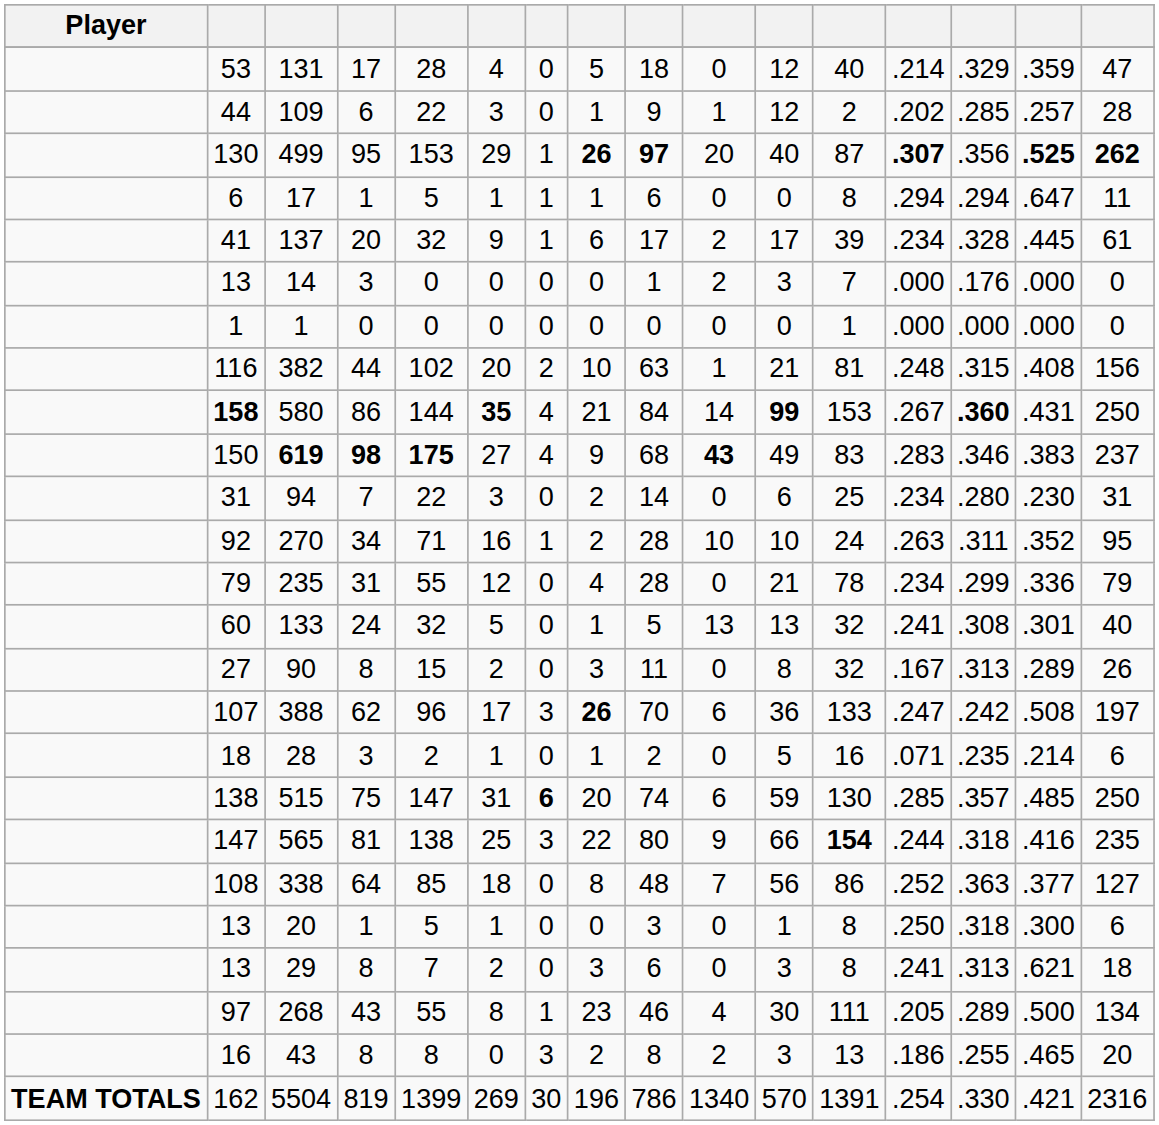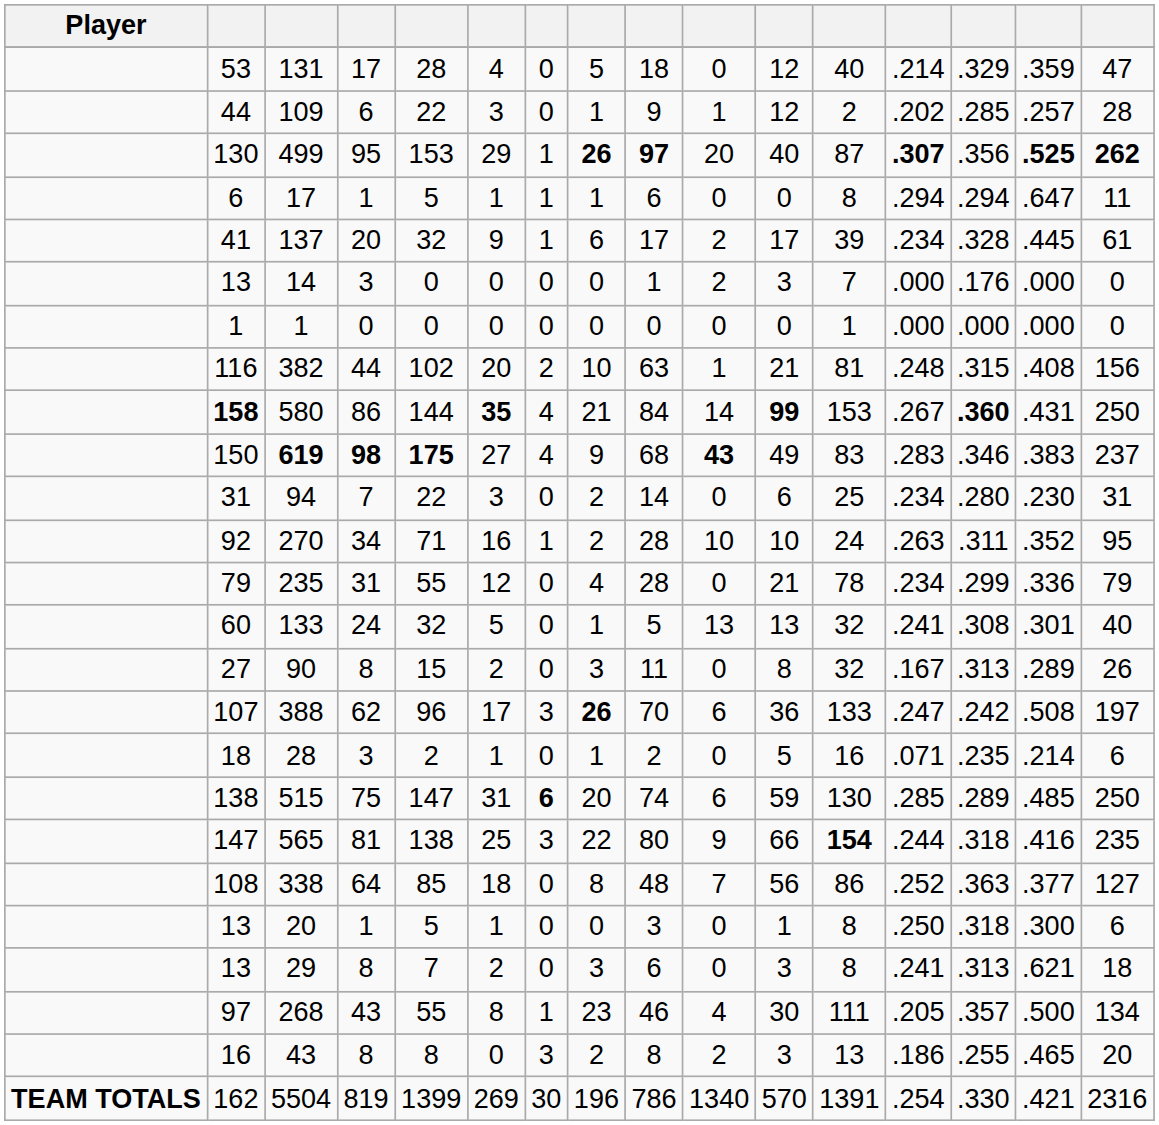 <table class="wikitable sortable" style="text-align:center;">
 <tr>
 <th>Player</th>
 <th></th>
 <th></th>
 <th></th>
 <th></th>
 <th></th>
 <th></th>
 <th></th>
 <th></th>
 <th></th>
 <th></th>
 <th></th>
 <th></th>
 <th></th>
 <th></th>
 <th></th>
 </tr>
 <tr>
 </tr>
 <tr>
 <td align=left></td>
 <td>53</td>
 <td>131</td>
 <td>17</td>
 <td>28</td>
 <td>4</td>
 <td>0</td>
 <td>5</td>
 <td>18</td>
 <td>0</td>
 <td>12</td>
 <td>40</td>
 <td>.214</td>
 <td>.329</td>
 <td>.359</td>
 <td>47</td>
 </tr>
 <tr>
 <td align=left></td>
 <td>44</td>
 <td>109</td>
 <td>6</td>
 <td>22</td>
 <td>3</td>
 <td>0</td>
 <td>1</td>
 <td>9</td>
 <td>1</td>
 <td>12</td>
 <td>2</td>
 <td>.202</td>
 <td>.285</td>
 <td>.257</td>
 <td>28</td>
 </tr>
 <tr>
 <td align=left></td>
 <td>130</td>
 <td>499</td>
 <td>95</td>
 <td>153</td>
 <td>29</td>
 <td>1</td>
 <td><strong>26</strong></td>
 <td><strong>97</strong></td>
 <td>20</td>
 <td>40</td>
 <td>87</td>
 <td><strong>.307</strong></td>
 <td>.356</td>
 <td><strong>.525</strong></td>
 <td><strong>262</strong></td>
 </tr>
 <tr>
 <td align=left></td>
 <td>6</td>
 <td>17</td>
 <td>1</td>
 <td>5</td>
 <td>1</td>
 <td>1</td>
 <td>1</td>
 <td>6</td>
 <td>0</td>
 <td>0</td>
 <td>8</td>
 <td>.294</td>
 <td>.294</td>
 <td>.647</td>
 <td>11</td>
 </tr>
 <tr>
 <td align=left></td>
 <td>41</td>
 <td>137</td>
 <td>20</td>
 <td>32</td>
 <td>9</td>
 <td>1</td>
 <td>6</td>
 <td>17</td>
 <td>2</td>
 <td>17</td>
 <td>39</td>
 <td>.234</td>
 <td>.328</td>
 <td>.445</td>
 <td>61</td>
 </tr>
 <tr>
 <td align=left></td>
 <td>13</td>
 <td>14</td>
 <td>3</td>
 <td>0</td>
 <td>0</td>
 <td>0</td>
 <td>0</td>
 <td>1</td>
 <td>2</td>
 <td>3</td>
 <td>7</td>
 <td>.000</td>
 <td>.176</td>
 <td>.000</td>
 <td>0</td>
 </tr>
 <tr>
 <td align=left></td>
 <td>1</td>
 <td>1</td>
 <td>0</td>
 <td>0</td>
 <td>0</td>
 <td>0</td>
 <td>0</td>
 <td>0</td>
 <td>0</td>
 <td>0</td>
 <td>1</td>
 <td>.000</td>
 <td>.000</td>
 <td>.000</td>
 <td>0</td>
 </tr>
 <tr>
 <td align=left></td>
 <td>116</td>
 <td>382</td>
 <td>44</td>
 <td>102</td>
 <td>20</td>
 <td>2</td>
 <td>10</td>
 <td>63</td>
 <td>1</td>
 <td>21</td>
 <td>81</td>
 <td>.248</td>
 <td>.315</td>
 <td>.408</td>
 <td>156</td>
 </tr>
 <tr>
 <td align=left></td>
 <td><strong>158</strong></td>
 <td>580</td>
 <td>86</td>
 <td>144</td>
 <td><strong>35</strong></td>
 <td>4</td>
 <td>21</td>
 <td>84</td>
 <td>14</td>
 <td><strong>99</strong></td>
 <td>153</td>
 <td>.267</td>
 <td><strong>.360</strong></td>
 <td>.431</td>
 <td>250</td>
 </tr>
 <tr>
 <td align=left></td>
 <td>150</td>
 <td><strong>619</strong></td>
 <td><strong>98</strong></td>
 <td><strong>175</strong></td>
 <td>27</td>
 <td>4</td>
 <td>9</td>
 <td>68</td>
 <td><strong>43</strong></td>
 <td>49</td>
 <td>83</td>
 <td>.283</td>
 <td>.346</td>
 <td>.383</td>
 <td>237</td>
 </tr>
 <tr>
 <td align=left></td>
 <td>31</td>
 <td>94</td>
 <td>7</td>
 <td>22</td>
 <td>3</td>
 <td>0</td>
 <td>2</td>
 <td>14</td>
 <td>0</td>
 <td>6</td>
 <td>25</td>
 <td>.234</td>
 <td>.280</td>
 <td>.230</td>
 <td>31</td>
 </tr>
 <tr>
 <td align=left></td>
 <td>92</td>
 <td>270</td>
 <td>34</td>
 <td>71</td>
 <td>16</td>
 <td>1</td>
 <td>2</td>
 <td>28</td>
 <td>10</td>
 <td>10</td>
 <td>24</td>
 <td>.263</td>
 <td>.311</td>
 <td>.352</td>
 <td>95</td>
 </tr>
 <tr>
 <td align=left></td>
 <td>79</td>
 <td>235</td>
 <td>31</td>
 <td>55</td>
 <td>12</td>
 <td>0</td>
 <td>4</td>
 <td>28</td>
 <td>0</td>
 <td>21</td>
 <td>78</td>
 <td>.234</td>
 <td>.299</td>
 <td>.336</td>
 <td>79</td>
 </tr>
 <tr>
 <td align=left></td>
 <td>60</td>
 <td>133</td>
 <td>24</td>
 <td>32</td>
 <td>5</td>
 <td>0</td>
 <td>1</td>
 <td>5</td>
 <td>13</td>
 <td>13</td>
 <td>32</td>
 <td>.241</td>
 <td>.308</td>
 <td>.301</td>
 <td>40</td>
 </tr>
 <tr>
 <td align=left></td>
 <td>27</td>
 <td>90</td>
 <td>8</td>
 <td>15</td>
 <td>2</td>
 <td>0</td>
 <td>3</td>
 <td>11</td>
 <td>0</td>
 <td>8</td>
 <td>32</td>
 <td>.167</td>
 <td>.313</td>
 <td>.289</td>
 <td>26</td>
 </tr>
 <tr>
 <td align=left></td>
 <td>107</td>
 <td>388</td>
 <td>62</td>
 <td>96</td>
 <td>17</td>
 <td>3</td>
 <td><strong>26</strong></td>
 <td>70</td>
 <td>6</td>
 <td>36</td>
 <td>133</td>
 <td>.247</td>
 <td>.242</td>
 <td>.508</td>
 <td>197</td>
 </tr>
 <tr>
 <td align=left></td>
 <td>18</td>
 <td>28</td>
 <td>3</td>
 <td>2</td>
 <td>1</td>
 <td>0</td>
 <td>1</td>
 <td>2</td>
 <td>0</td>
 <td>5</td>
 <td>16</td>
 <td>.071</td>
 <td>.235</td>
 <td>.214</td>
 <td>6</td>
 </tr>
 <tr>
 <td align=left></td>
 <td>138</td>
 <td>515</td>
 <td>75</td>
 <td>147</td>
 <td>31</td>
 <td><strong>6</strong></td>
 <td>20</td>
 <td>74</td>
 <td>6</td>
 <td>59</td>
 <td>130</td>
 <td>.285</td>
-<td>.357</td>
+<td>.289</td>
 <td>.485</td>
 <td>250</td>
 </tr>
 <tr>
 <td align=left></td>
 <td>147</td>
 <td>565</td>
 <td>81</td>
 <td>138</td>
 <td>25</td>
 <td>3</td>
 <td>22</td>
 <td>80</td>
 <td>9</td>
 <td>66</td>
 <td><strong>154</strong></td>
 <td>.244</td>
 <td>.318</td>
 <td>.416</td>
 <td>235</td>
 </tr>
 <tr>
 <td align=left></td>
 <td>108</td>
 <td>338</td>
 <td>64</td>
 <td>85</td>
 <td>18</td>
 <td>0</td>
 <td>8</td>
 <td>48</td>
 <td>7</td>
 <td>56</td>
 <td>86</td>
 <td>.252</td>
 <td>.363</td>
 <td>.377</td>
 <td>127</td>
 </tr>
 <tr>
 <td align=left></td>
 <td>13</td>
 <td>20</td>
 <td>1</td>
 <td>5</td>
 <td>1</td>
 <td>0</td>
 <td>0</td>
 <td>3</td>
 <td>0</td>
 <td>1</td>
 <td>8</td>
 <td>.250</td>
 <td>.318</td>
 <td>.300</td>
 <td>6</td>
 </tr>
 <tr>
 <td align=left></td>
 <td>13</td>
 <td>29</td>
 <td>8</td>
 <td>7</td>
 <td>2</td>
 <td>0</td>
 <td>3</td>
 <td>6</td>
 <td>0</td>
 <td>3</td>
 <td>8</td>
 <td>.241</td>
 <td>.313</td>
 <td>.621</td>
 <td>18</td>
 </tr>
 <tr>
 <td align=left></td>
 <td>97</td>
 <td>268</td>
 <td>43</td>
 <td>55</td>
 <td>8</td>
 <td>1</td>
 <td>23</td>
 <td>46</td>
 <td>4</td>
 <td>30</td>
 <td>111</td>
 <td>.205</td>
-<td>.289</td>
+<td>.357</td>
 <td>.500</td>
 <td>134</td>
 </tr>
 <tr>
 <td align=left></td>
 <td>16</td>
 <td>43</td>
 <td>8</td>
 <td>8</td>
 <td>0</td>
 <td>3</td>
 <td>2</td>
 <td>8</td>
 <td>2</td>
 <td>3</td>
 <td>13</td>
 <td>.186</td>
 <td>.255</td>
 <td>.465</td>
 <td>20</td>
 </tr>
 <tr class="sortbottom">
 <td align="left"><strong>TEAM TOTALS</strong></td>
 <td>162</td>
 <td>5504</td>
 <td>819</td>
 <td>1399</td>
 <td>269</td>
 <td>30</td>
 <td>196</td>
 <td>786</td>
 <td>1340</td>
 <td>570</td>
 <td>1391</td>
 <td>.254</td>
 <td>.330</td>
 <td>.421</td>
 <td>2316</td>
 </tr>
 </table>
